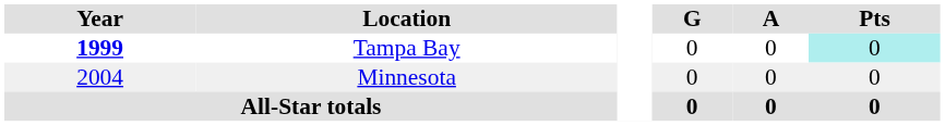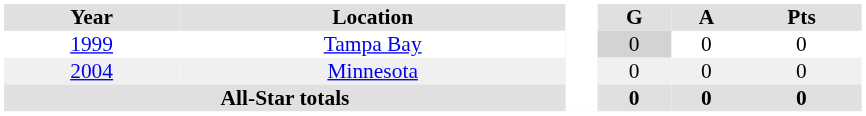 <table border="0" cellpadding="1" cellspacing="0" style="text-align:center; width:40em">
 <tr ALIGN="center" bgcolor="#e0e0e0">
 <th>Year</th>
 <th>Location</th>
 <th rowspan="99" bgcolor="#ffffff"> </th>
 <th>G</th>
 <th>A</th>
 <th>Pts</th>
 </tr>
 <tr ALIGN="center">
-<td><strong><a href='#'>1999</a></strong></td>
+<td><a href='#'>1999</a></td>
 <td><a href='#'>Tampa Bay</a></td>
+<td style="background: lightgrey;">0</td>
 <td>0</td>
 <td>0</td>
-<td style="background: paleturquoise;">0</td>
 </tr>
 <tr ALIGN="center" bgcolor="#f0f0f0">
 <td><a href='#'>2004</a></td>
 <td><a href='#'>Minnesota</a></td>
 <td>0</td>
 <td>0</td>
 <td>0</td>
 </tr>
 <tr ALIGN="center" bgcolor="#e0e0e0">
 <th colspan=2>All-Star totals</th>
 <th>0</th>
 <th>0</th>
 <th>0</th>
 </tr>
 </table>
